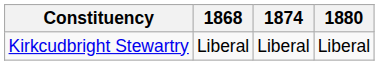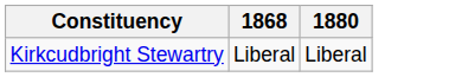 <table class="wikitable">
 <tr>
 <th>Constituency</th>
 <th>1868</th>
-<th>1874</th>
 <th>1880</th>
 </tr>
 <tr>
 <td><a href='#'>Kirkcudbright Stewartry</a></td>
 <td>Liberal</td>
 <td>Liberal</td>
-<td>Liberal</td>
 </tr>
 </table>
